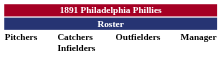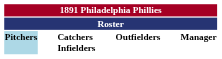 <table class="toccolours" style="font-size: 95%;">
 <tr>
 <th colspan="10" style="background-color: #A50024; color: white; text-align: center;">1891 Philadelphia Phillies</th>
 </tr>
 <tr>
 <td colspan="10" style="background-color: #263473; color: white; text-align: center;"><strong>Roster</strong></td>
 </tr>
 <tr>
-<td valign="top"><strong>Pitchers</strong><br>          </td>
+<td valign="top" style="background: lightblue;"><strong>Pitchers</strong><br>          </td>
 <td width="25px"></td>
 <td valign="top"><strong>Catchers</strong><br>    <strong>Infielders</strong>        </td>
 <td width="25px"></td>
 <td valign="top"><strong>Outfielders</strong><br>    </td>
 <td width="25px"></td>
 <td valign="top"><strong>Manager</strong><br></td>
 </tr>
 </table>
